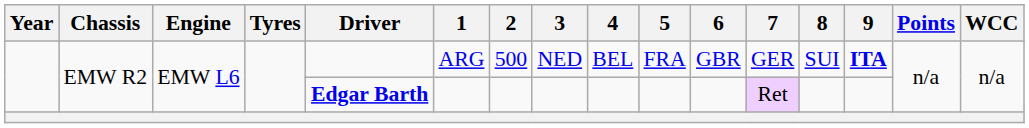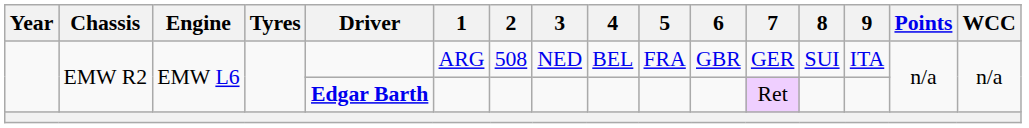 <table class="wikitable" style="text-align:center; font-size:90%">
 <tr>
 <th>Year</th>
 <th>Chassis</th>
 <th>Engine</th>
 <th>Tyres</th>
 <th>Driver</th>
 <th>1</th>
 <th>2</th>
 <th>3</th>
 <th>4</th>
 <th>5</th>
 <th>6</th>
 <th>7</th>
 <th>8</th>
 <th>9</th>
 <th><a href='#'>Points</a></th>
 <th>WCC</th>
 </tr>
 <tr>
 <td rowspan="2"></td>
 <td rowspan="2">EMW R2</td>
 <td rowspan="2">EMW <a href='#'>L6</a></td>
 <td rowspan="2"></td>
 <td></td>
 <td><a href='#'>ARG</a></td>
-<td><a href='#'>500</a></td>
+<td><a href='#'>508</a></td>
 <td><a href='#'>NED</a></td>
 <td><a href='#'>BEL</a></td>
 <td><a href='#'>FRA</a></td>
 <td><a href='#'>GBR</a></td>
 <td><a href='#'>GER</a></td>
 <td><a href='#'>SUI</a></td>
-<td><strong><a href='#'>ITA</a></strong></td>
+<td><a href='#'>ITA</a></td>
 <td rowspan="2">n/a</td>
 <td rowspan="2">n/a</td>
 </tr>
 <tr>
 <td align="left"><strong> <a href='#'>Edgar Barth</a></strong></td>
 <td></td>
 <td></td>
 <td></td>
 <td></td>
 <td></td>
 <td></td>
 <td style="background:#efcfff;">Ret</td>
 <td></td>
 <td></td>
 </tr>
 <tr>
 <th colspan="16"></th>
 </tr>
 </table>
